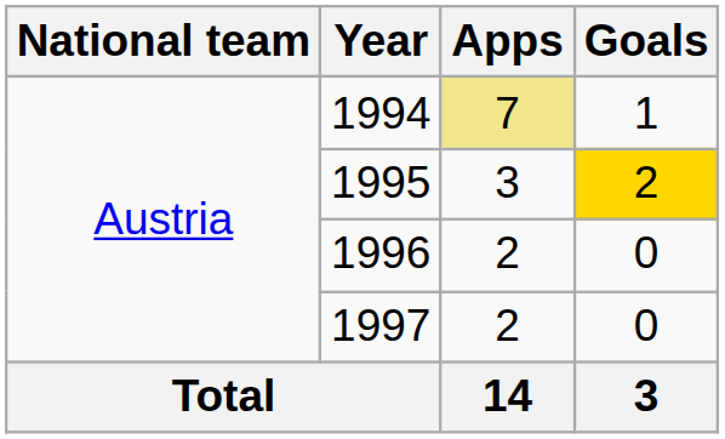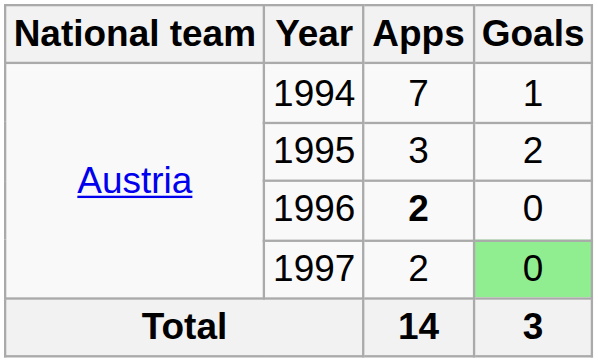 <table class="wikitable" style="text-align:center">
 <tr>
 <th>National team</th>
 <th>Year</th>
 <th>Apps</th>
 <th>Goals</th>
 </tr>
 <tr>
 <td rowspan="4"><a href='#'>Austria</a></td>
 <td>1994</td>
-<td style="background: khaki;">7</td>
+<td>7</td>
 <td>1</td>
 </tr>
 <tr>
 <td>1995</td>
 <td>3</td>
-<td style="background: gold;">2</td>
+<td>2</td>
 </tr>
 <tr>
 <td>1996</td>
-<td>2</td>
+<td><strong>2</strong></td>
 <td>0</td>
 </tr>
 <tr>
 <td>1997</td>
 <td>2</td>
-<td>0</td>
+<td style="background: lightgreen;">0</td>
 </tr>
 <tr>
 <th colspan="2">Total</th>
 <th>14</th>
 <th>3</th>
 </tr>
 </table>
